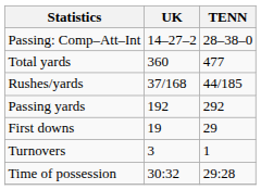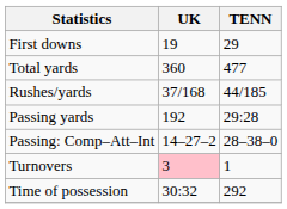 <table class="wikitable" style="float: left;">
 <tr>
 <th>Statistics</th>
 <th>UK</th>
 <th>TENN</th>
 </tr>
 <tr>
-<td>Passing: Comp–Att–Int</td>
-<td>14–27–2</td>
-<td>28–38–0</td>
+<td>First downs</td>
+<td>19</td>
+<td>29</td>
 </tr>
 <tr>
 <td>Total yards</td>
 <td>360</td>
 <td>477</td>
 </tr>
 <tr>
 <td>Rushes/yards</td>
 <td>37/168</td>
 <td>44/185</td>
 </tr>
 <tr>
 <td>Passing yards</td>
 <td>192</td>
-<td>292</td>
+<td>29:28</td>
 </tr>
 <tr>
-<td>First downs</td>
-<td>19</td>
-<td>29</td>
+<td>Passing: Comp–Att–Int</td>
+<td>14–27–2</td>
+<td>28–38–0</td>
 </tr>
 <tr>
 <td>Turnovers</td>
-<td>3</td>
+<td style="background: pink;">3</td>
 <td>1</td>
 </tr>
 <tr>
 <td>Time of possession</td>
 <td>30:32</td>
-<td>29:28</td>
+<td>292</td>
 </tr>
 <tr>
 </tr>
 </table>
